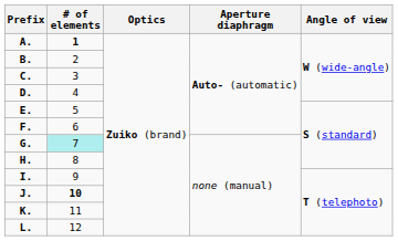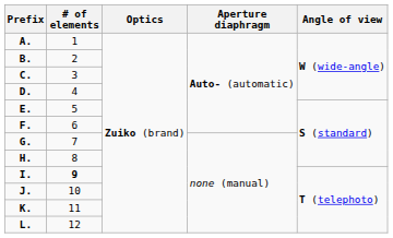 <table class="wikitable" style="font-size:100%;">
 <tr>
 <th style=max-width:4em>Prefix</th>
 <th style=max-width:5em># of elements</th>
 <th style=max-width:3em>Optics</th>
 <th style=max-width:3em>Aperture diaphragm</th>
 <th style=max-width:3em>Angle of view</th>
 </tr>
 <tr>
 <td style="text-align:center;"><strong>A.</strong></td>
-<td style="text-align:center;"><strong>1</strong></td>
+<td style="text-align:center;">1</td>
 <td rowspan=12><strong>Zuiko</strong> (brand)</td>
 <td rowspan=6><strong>Auto-</strong> (automatic)</td>
 <td rowspan=4><strong>W</strong> (<a href='#'>wide-angle</a>)</td>
 </tr>
 <tr>
 <td style="text-align:center;"><strong>B.</strong></td>
 <td style="text-align:center;">2</td>
 </tr>
 <tr>
 <td style="text-align:center;"><strong>C.</strong></td>
 <td style="text-align:center;">3</td>
 </tr>
 <tr>
 <td style="text-align:center;"><strong>D.</strong></td>
 <td style="text-align:center;">4</td>
 </tr>
 <tr>
 <td style="text-align:center;"><strong>E.</strong></td>
 <td style="text-align:center;">5</td>
 <td rowspan=4><strong>S</strong> (<a href='#'>standard</a>)</td>
 </tr>
 <tr>
 <td style="text-align:center;"><strong>F.</strong></td>
 <td style="text-align:center;">6</td>
 </tr>
 <tr>
 <td style="text-align:center;"><strong>G.</strong></td>
-<td style="background: paleturquoise; text-align:center;">7</td>
+<td style="text-align:center;">7</td>
 <td rowspan=6><em>none</em> (manual)</td>
 </tr>
 <tr>
 <td style="text-align:center;"><strong>H.</strong></td>
 <td style="text-align:center;">8</td>
 </tr>
 <tr>
 <td style="text-align:center;"><strong>I.</strong></td>
-<td style="text-align:center;">9</td>
+<td style="text-align:center;"><strong>9</strong></td>
 <td rowspan=4><strong>T</strong> (<a href='#'>telephoto</a>)</td>
 </tr>
 <tr>
 <td style="text-align:center;"><strong>J.</strong></td>
-<td style="text-align:center;"><strong>10</strong></td>
+<td style="text-align:center;">10</td>
 </tr>
 <tr>
 <td style="text-align:center;"><strong>K.</strong></td>
 <td style="text-align:center;">11</td>
 </tr>
 <tr>
 <td style="text-align:center;"><strong>L.</strong></td>
 <td style="text-align:center;">12</td>
 </tr>
 </table>
